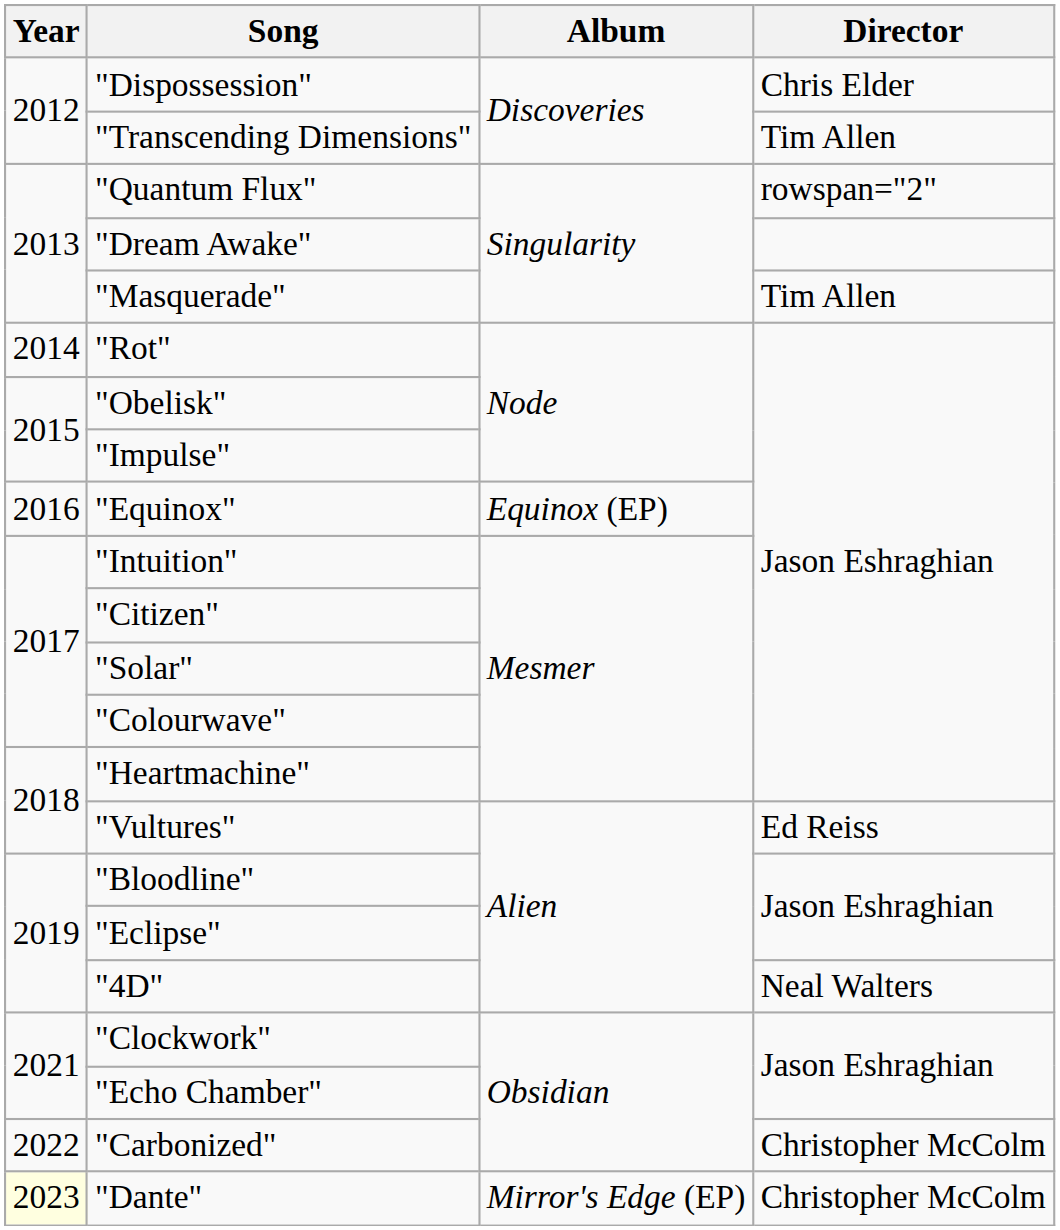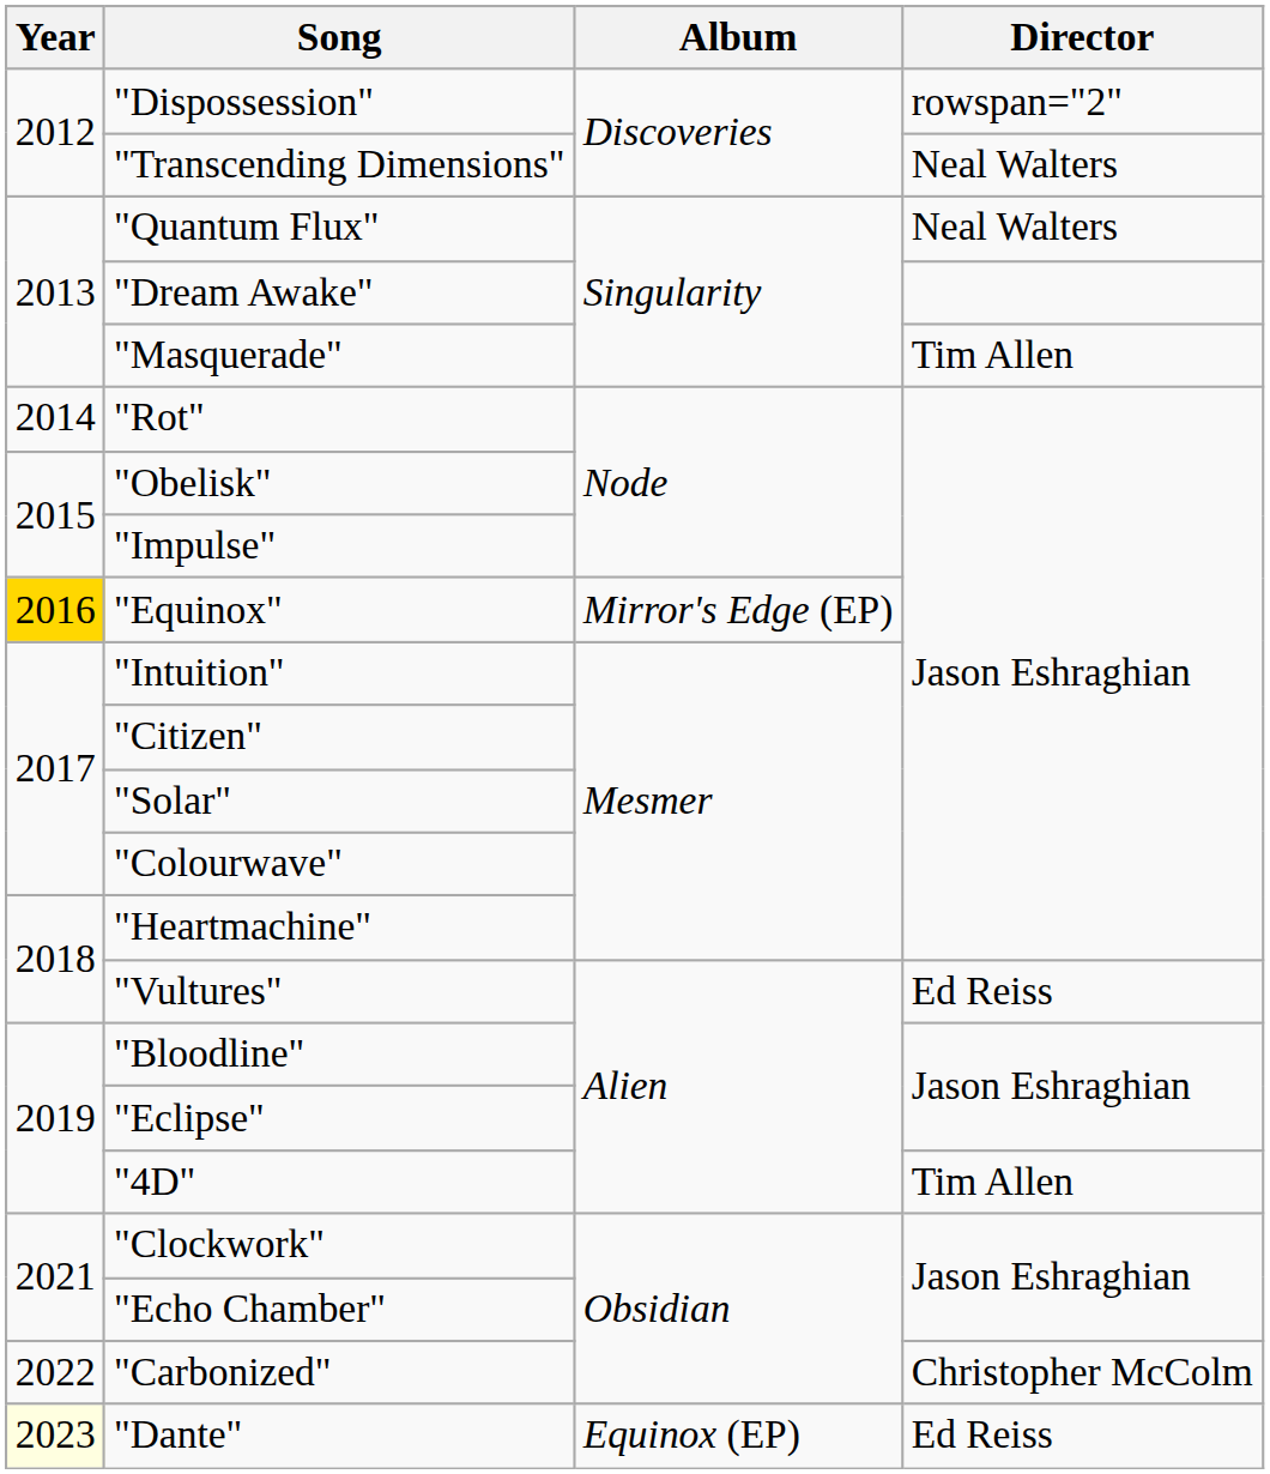 <table class="wikitable">
 <tr>
 <th><strong>Year</strong></th>
 <th><strong>Song</strong></th>
 <th><strong>Album</strong></th>
 <th><strong>Director</strong></th>
 </tr>
 <tr>
 <td rowspan="2">2012</td>
 <td>"Dispossession"</td>
 <td rowspan="2"><em>Discoveries</em></td>
-<td>Chris Elder</td>
+<td>rowspan="2" </td>
 </tr>
 <tr>
 <td>"Transcending Dimensions"</td>
-<td>Tim Allen</td>
+<td>Neal Walters</td>
 </tr>
 <tr>
 <td rowspan="3">2013</td>
 <td>"Quantum Flux"</td>
 <td rowspan="3"><em>Singularity</em></td>
-<td>rowspan="2" </td>
+<td>Neal Walters</td>
 </tr>
 <tr>
 <td>"Dream Awake"</td>
 </tr>
 <tr>
 <td>"Masquerade"</td>
 <td>Tim Allen</td>
 </tr>
 <tr>
 <td>2014</td>
 <td>"Rot"</td>
 <td rowspan="3"><em>Node</em></td>
 <td rowspan="9">Jason Eshraghian</td>
 </tr>
 <tr>
 <td rowspan="2">2015</td>
 <td>"Obelisk"</td>
 </tr>
 <tr>
 <td>"Impulse"</td>
 </tr>
 <tr>
-<td>2016</td>
+<td style="background: gold;">2016</td>
 <td>"Equinox"</td>
-<td><em>Equinox</em> (EP)</td>
+<td><em>Mirror's Edge</em> (EP)</td>
 </tr>
 <tr>
 <td rowspan="4">2017</td>
 <td>"Intuition"</td>
 <td rowspan="5"><em>Mesmer</em></td>
 </tr>
 <tr>
 <td>"Citizen"</td>
 </tr>
 <tr>
 <td>"Solar"</td>
 </tr>
 <tr>
 <td>"Colourwave"</td>
 </tr>
 <tr>
 <td rowspan="2">2018</td>
 <td>"Heartmachine"</td>
 </tr>
 <tr>
 <td>"Vultures"</td>
 <td rowspan="4"><em>Alien</em></td>
 <td>Ed Reiss</td>
 </tr>
 <tr>
 <td rowspan="3">2019</td>
 <td>"Bloodline"</td>
 <td rowspan="2">Jason Eshraghian</td>
 </tr>
 <tr>
 <td>"Eclipse"</td>
 </tr>
 <tr>
 <td>"4D"</td>
-<td>Neal Walters</td>
+<td>Tim Allen</td>
 </tr>
 <tr>
 <td rowspan="2">2021</td>
 <td>"Clockwork"</td>
 <td rowspan="3"><em>Obsidian</em></td>
 <td rowspan="2">Jason Eshraghian</td>
 </tr>
 <tr>
 <td>"Echo Chamber"</td>
 </tr>
 <tr>
 <td>2022</td>
 <td>"Carbonized"</td>
 <td>Christopher McColm</td>
 </tr>
 <tr>
 <td style="background: lightyellow;">2023</td>
 <td>"Dante"</td>
-<td><em>Mirror's Edge</em> (EP)</td>
-<td>Christopher McColm</td>
+<td><em>Equinox</em> (EP)</td>
+<td>Ed Reiss</td>
 </tr>
 </table>
